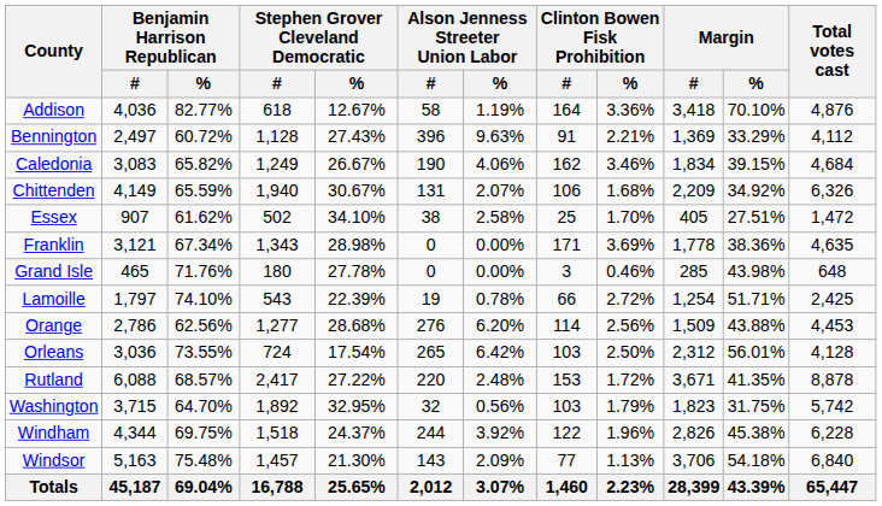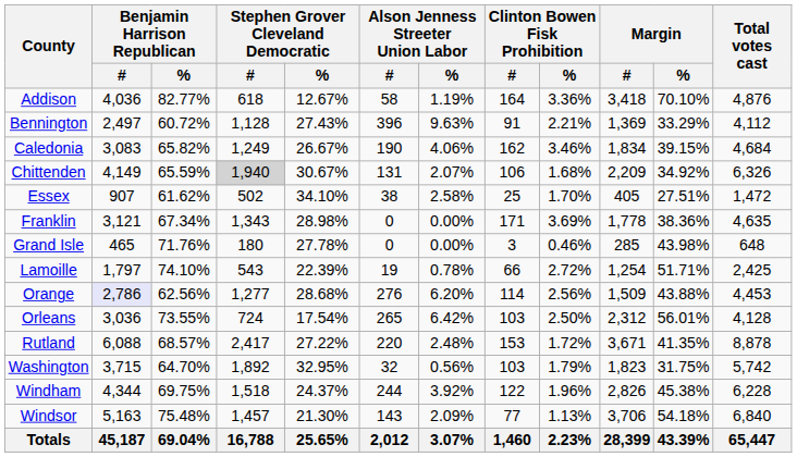 <table width="65%"  class="wikitable sortable" style="text-align:center">
 <tr>
 <th colspan="1" rowspan="2">County</th>
 <th style="text-align:center;" colspan="2">Benjamin Harrison<br>Republican</th>
 <th style="text-align:center;" colspan="2">Stephen Grover Cleveland<br>Democratic</th>
 <th style="text-align:center;" colspan="2">Alson Jenness Streeter<br>Union Labor</th>
 <th style="text-align:center;" colspan="2">Clinton Bowen Fisk<br>Prohibition</th>
 <th style="text-align:center;" colspan="2">Margin</th>
 <th colspan="1" rowspan="2" style="text-align:center;">Total votes cast</th>
 </tr>
 <tr>
 <th style="text-align:center;" data-sort-type="number">#</th>
 <th style="text-align:center;" data-sort-type="number">%</th>
 <th style="text-align:center;" data-sort-type="number">#</th>
 <th style="text-align:center;" data-sort-type="number">%</th>
 <th style="text-align:center;" data-sort-type="number">#</th>
 <th style="text-align:center;" data-sort-type="number">%</th>
 <th style="text-align:center;" data-sort-type="number">#</th>
 <th style="text-align:center;" data-sort-type="number">%</th>
 <th style="text-align:center;" data-sort-type="number">#</th>
 <th style="text-align:center;" data-sort-type="number">%</th>
 </tr>
 <tr style="text-align:center;">
 <td><a href='#'>Addison</a></td>
 <td>4,036</td>
 <td>82.77%</td>
 <td>618</td>
 <td>12.67%</td>
 <td>58</td>
 <td>1.19%</td>
 <td>164</td>
 <td>3.36%</td>
 <td>3,418</td>
 <td>70.10%</td>
 <td>4,876</td>
 </tr>
 <tr style="text-align:center;">
 <td><a href='#'>Bennington</a></td>
 <td>2,497</td>
 <td>60.72%</td>
 <td>1,128</td>
 <td>27.43%</td>
 <td>396</td>
 <td>9.63%</td>
 <td>91</td>
 <td>2.21%</td>
 <td>1,369</td>
 <td>33.29%</td>
 <td>4,112</td>
 </tr>
 <tr style="text-align:center;">
 <td><a href='#'>Caledonia</a></td>
 <td>3,083</td>
 <td>65.82%</td>
 <td>1,249</td>
 <td>26.67%</td>
 <td>190</td>
 <td>4.06%</td>
 <td>162</td>
 <td>3.46%</td>
 <td>1,834</td>
 <td>39.15%</td>
 <td>4,684</td>
 </tr>
 <tr style="text-align:center;">
 <td><a href='#'>Chittenden</a></td>
 <td>4,149</td>
 <td>65.59%</td>
-<td>1,940</td>
+<td style="background: lightgrey;">1,940</td>
 <td>30.67%</td>
 <td>131</td>
 <td>2.07%</td>
 <td>106</td>
 <td>1.68%</td>
 <td>2,209</td>
 <td>34.92%</td>
 <td>6,326</td>
 </tr>
 <tr style="text-align:center;">
 <td><a href='#'>Essex</a></td>
 <td>907</td>
 <td>61.62%</td>
 <td>502</td>
 <td>34.10%</td>
 <td>38</td>
 <td>2.58%</td>
 <td>25</td>
 <td>1.70%</td>
 <td>405</td>
 <td>27.51%</td>
 <td>1,472</td>
 </tr>
 <tr style="text-align:center;">
 <td><a href='#'>Franklin</a></td>
 <td>3,121</td>
 <td>67.34%</td>
 <td>1,343</td>
 <td>28.98%</td>
 <td>0</td>
 <td>0.00%</td>
 <td>171</td>
 <td>3.69%</td>
 <td>1,778</td>
 <td>38.36%</td>
 <td>4,635</td>
 </tr>
 <tr style="text-align:center;">
 <td><a href='#'>Grand Isle</a></td>
 <td>465</td>
 <td>71.76%</td>
 <td>180</td>
 <td>27.78%</td>
 <td>0</td>
 <td>0.00%</td>
 <td>3</td>
 <td>0.46%</td>
 <td>285</td>
 <td>43.98%</td>
 <td>648</td>
 </tr>
 <tr style="text-align:center;">
 <td><a href='#'>Lamoille</a></td>
 <td>1,797</td>
 <td>74.10%</td>
 <td>543</td>
 <td>22.39%</td>
 <td>19</td>
 <td>0.78%</td>
 <td>66</td>
 <td>2.72%</td>
 <td>1,254</td>
 <td>51.71%</td>
 <td>2,425</td>
 </tr>
 <tr style="text-align:center;">
 <td><a href='#'>Orange</a></td>
-<td>2,786</td>
+<td style="background: lavender;">2,786</td>
 <td>62.56%</td>
 <td>1,277</td>
 <td>28.68%</td>
 <td>276</td>
 <td>6.20%</td>
 <td>114</td>
 <td>2.56%</td>
 <td>1,509</td>
 <td>43.88%</td>
 <td>4,453</td>
 </tr>
 <tr style="text-align:center;">
 <td><a href='#'>Orleans</a></td>
 <td>3,036</td>
 <td>73.55%</td>
 <td>724</td>
 <td>17.54%</td>
 <td>265</td>
 <td>6.42%</td>
 <td>103</td>
 <td>2.50%</td>
 <td>2,312</td>
 <td>56.01%</td>
 <td>4,128</td>
 </tr>
 <tr style="text-align:center;">
 <td><a href='#'>Rutland</a></td>
 <td>6,088</td>
 <td>68.57%</td>
 <td>2,417</td>
 <td>27.22%</td>
 <td>220</td>
 <td>2.48%</td>
 <td>153</td>
 <td>1.72%</td>
 <td>3,671</td>
 <td>41.35%</td>
 <td>8,878</td>
 </tr>
 <tr style="text-align:center;">
 <td><a href='#'>Washington</a></td>
 <td>3,715</td>
 <td>64.70%</td>
 <td>1,892</td>
 <td>32.95%</td>
 <td>32</td>
 <td>0.56%</td>
 <td>103</td>
 <td>1.79%</td>
 <td>1,823</td>
 <td>31.75%</td>
 <td>5,742</td>
 </tr>
 <tr style="text-align:center;">
 <td><a href='#'>Windham</a></td>
 <td>4,344</td>
 <td>69.75%</td>
 <td>1,518</td>
 <td>24.37%</td>
 <td>244</td>
 <td>3.92%</td>
 <td>122</td>
 <td>1.96%</td>
 <td>2,826</td>
 <td>45.38%</td>
 <td>6,228</td>
 </tr>
 <tr style="text-align:center;">
 <td><a href='#'>Windsor</a></td>
 <td>5,163</td>
 <td>75.48%</td>
 <td>1,457</td>
 <td>21.30%</td>
 <td>143</td>
 <td>2.09%</td>
 <td>77</td>
 <td>1.13%</td>
 <td>3,706</td>
 <td>54.18%</td>
 <td>6,840</td>
 </tr>
 <tr style="text-align:center;">
 <th>Totals</th>
 <th>45,187</th>
 <th>69.04%</th>
 <th>16,788</th>
 <th>25.65%</th>
 <th>2,012</th>
 <th>3.07%</th>
 <th>1,460</th>
 <th>2.23%</th>
 <th>28,399</th>
 <th>43.39%</th>
 <th>65,447</th>
 </tr>
 </table>
